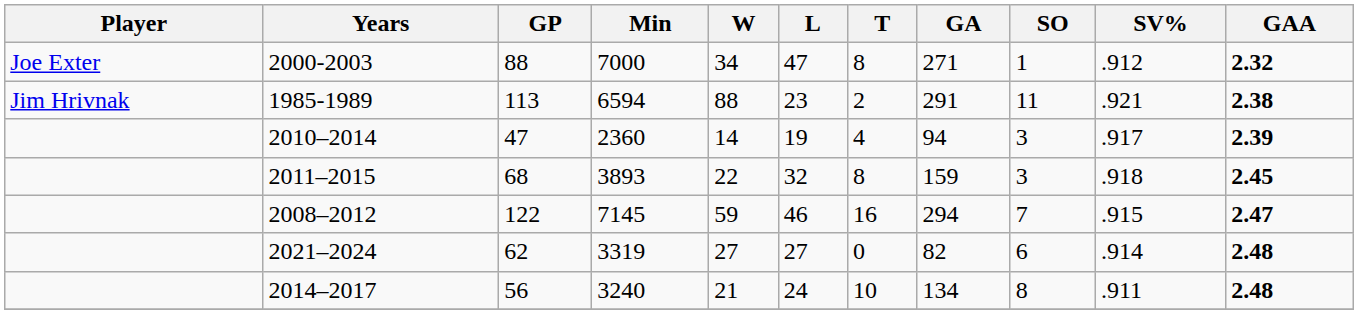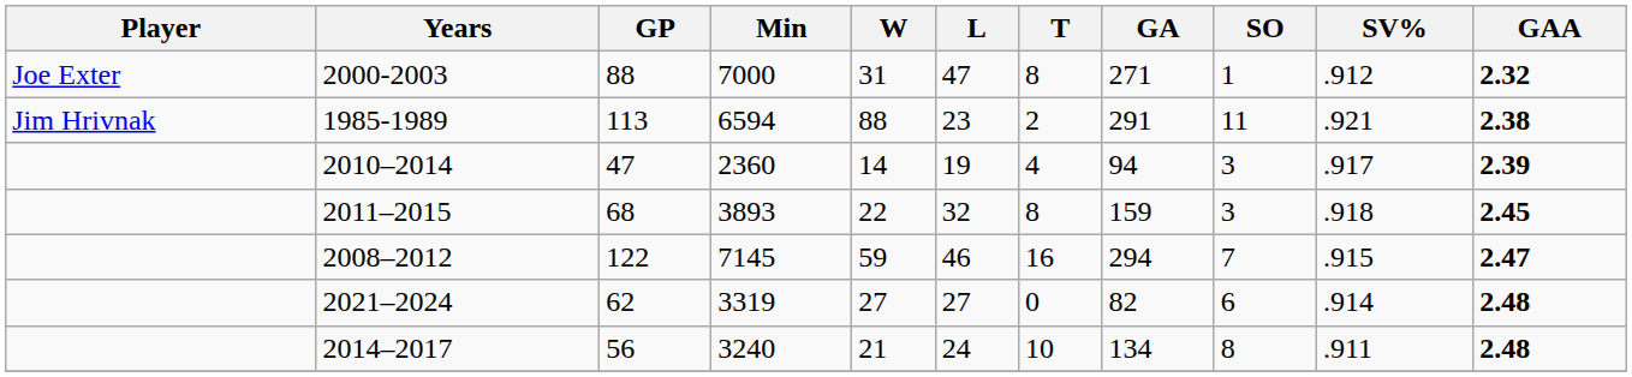 <table class="wikitable sortable" width = 900>
 <tr>
 <th>Player</th>
 <th>Years</th>
 <th>GP</th>
 <th>Min</th>
 <th>W</th>
 <th>L</th>
 <th>T</th>
 <th>GA</th>
 <th>SO</th>
 <th>SV%</th>
 <th>GAA</th>
 </tr>
 <tr>
 <td><a href='#'>Joe Exter</a></td>
 <td>2000-2003</td>
 <td>88</td>
 <td>7000</td>
-<td>34</td>
+<td>31</td>
 <td>47</td>
 <td>8</td>
 <td>271</td>
 <td>1</td>
 <td>.912</td>
 <td><strong>2.32</strong></td>
 </tr>
 <tr>
 <td><a href='#'>Jim Hrivnak</a></td>
 <td>1985-1989</td>
 <td>113</td>
 <td>6594</td>
 <td>88</td>
 <td>23</td>
 <td>2</td>
 <td>291</td>
 <td>11</td>
 <td>.921</td>
 <td><strong>2.38</strong></td>
 </tr>
 <tr>
 <td></td>
 <td>2010–2014</td>
 <td>47</td>
 <td>2360</td>
 <td>14</td>
 <td>19</td>
 <td>4</td>
 <td>94</td>
 <td>3</td>
 <td>.917</td>
 <td><strong>2.39</strong></td>
 </tr>
 <tr>
 <td></td>
 <td>2011–2015</td>
 <td>68</td>
 <td>3893</td>
 <td>22</td>
 <td>32</td>
 <td>8</td>
 <td>159</td>
 <td>3</td>
 <td>.918</td>
 <td><strong>2.45</strong></td>
 </tr>
 <tr>
 <td></td>
 <td>2008–2012</td>
 <td>122</td>
 <td>7145</td>
 <td>59</td>
 <td>46</td>
 <td>16</td>
 <td>294</td>
 <td>7</td>
 <td>.915</td>
 <td><strong>2.47</strong></td>
 </tr>
 <tr>
 <td></td>
 <td>2021–2024</td>
 <td>62</td>
 <td>3319</td>
 <td>27</td>
 <td>27</td>
 <td>0</td>
 <td>82</td>
 <td>6</td>
 <td>.914</td>
 <td><strong>2.48</strong></td>
 </tr>
 <tr>
 <td></td>
 <td>2014–2017</td>
 <td>56</td>
 <td>3240</td>
 <td>21</td>
 <td>24</td>
 <td>10</td>
 <td>134</td>
 <td>8</td>
 <td>.911</td>
 <td><strong>2.48</strong></td>
 </tr>
 <tr>
 </tr>
 </table>
